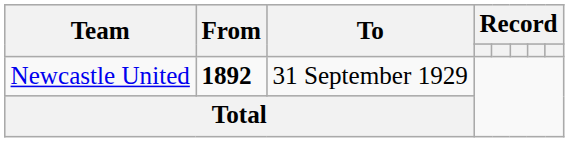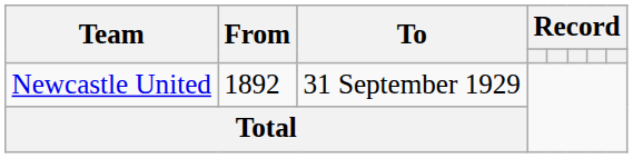 <table class=wikitable style="text-align: center">
 <tr>
 <th rowspan=2>Team</th>
 <th rowspan=2>From</th>
 <th rowspan=2>To</th>
 <th colspan=5>Record</th>
 </tr>
 <tr>
 <th></th>
 <th></th>
 <th></th>
 <th></th>
 <th></th>
 </tr>
 <tr>
 <td align=left><a href='#'>Newcastle United</a></td>
-<td align=left><strong>1892</strong></td>
+<td align=left>1892</td>
 <td align=left>31 September 1929<br></td>
 </tr>
 <tr>
 <th colspan=3>Total<br></th>
 </tr>
 </table>
